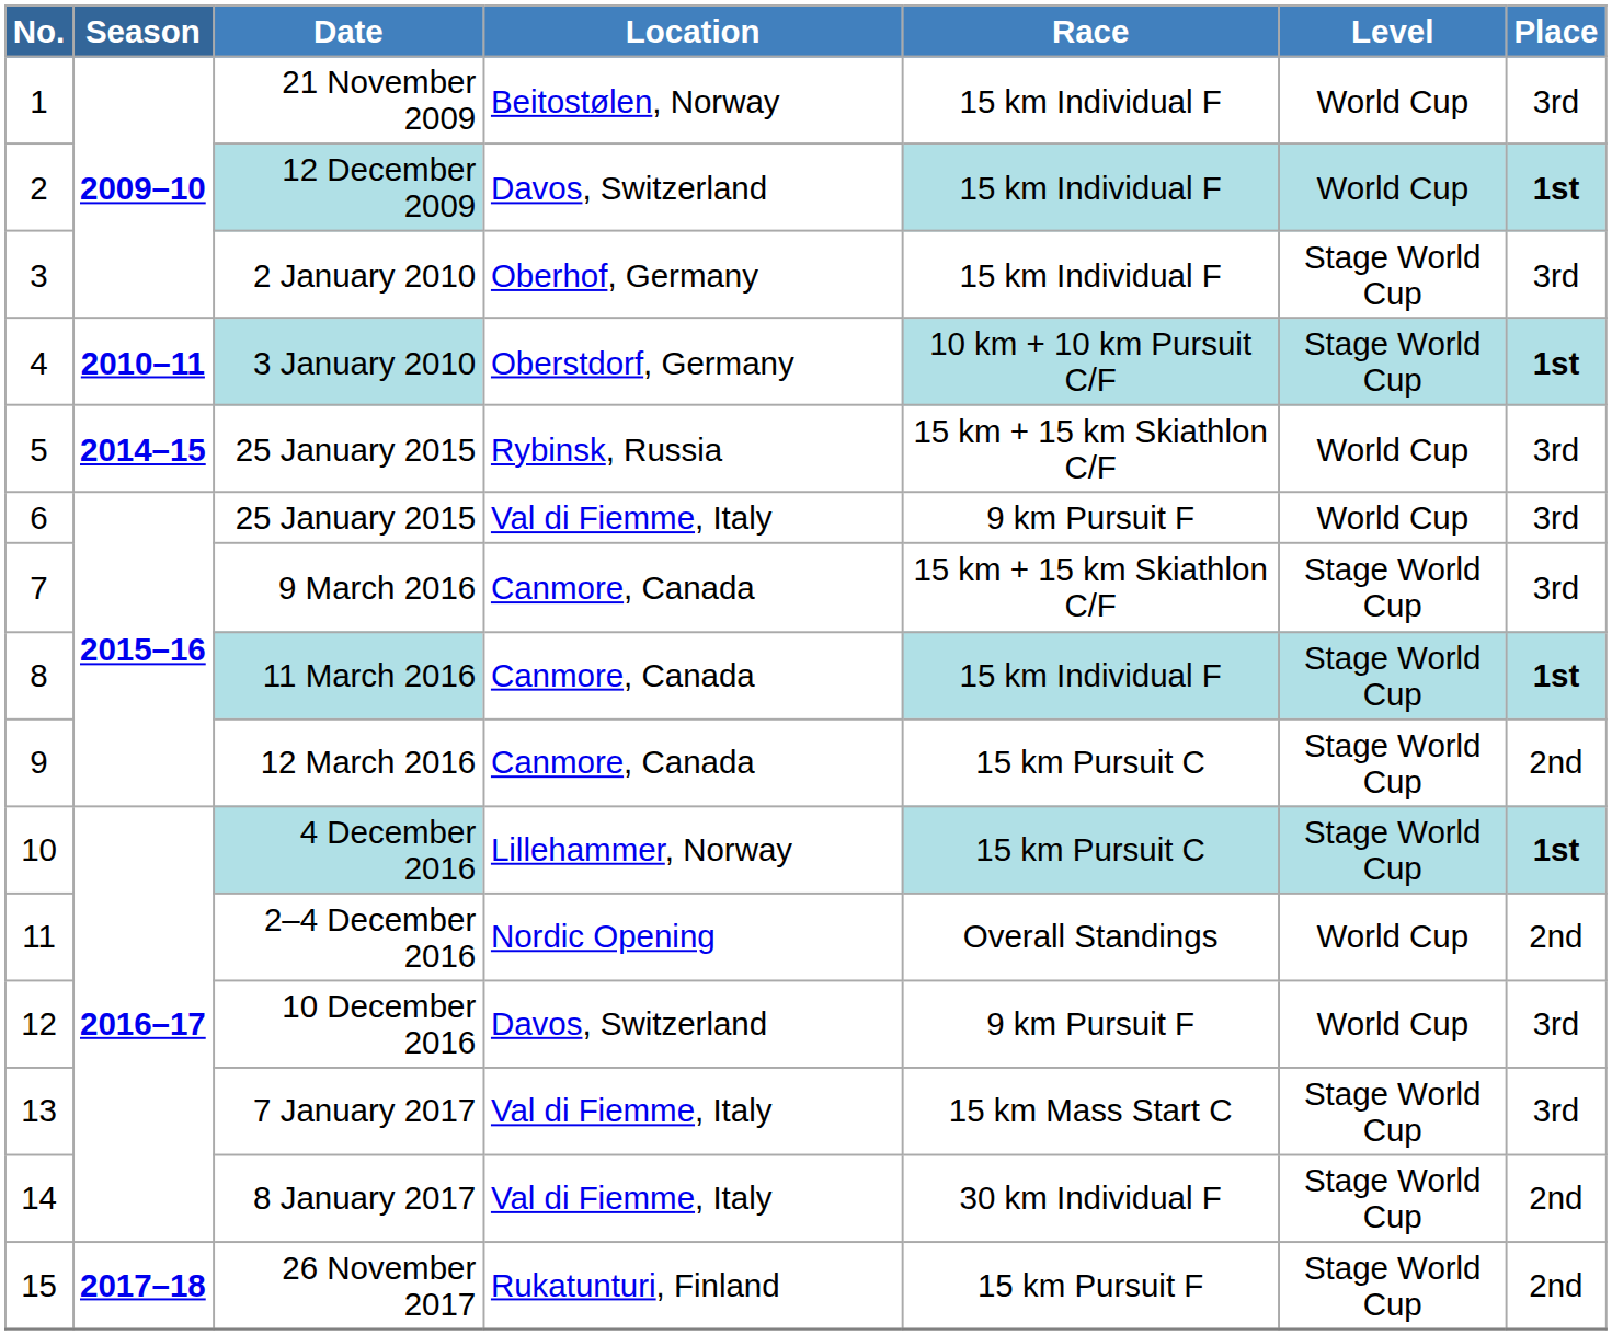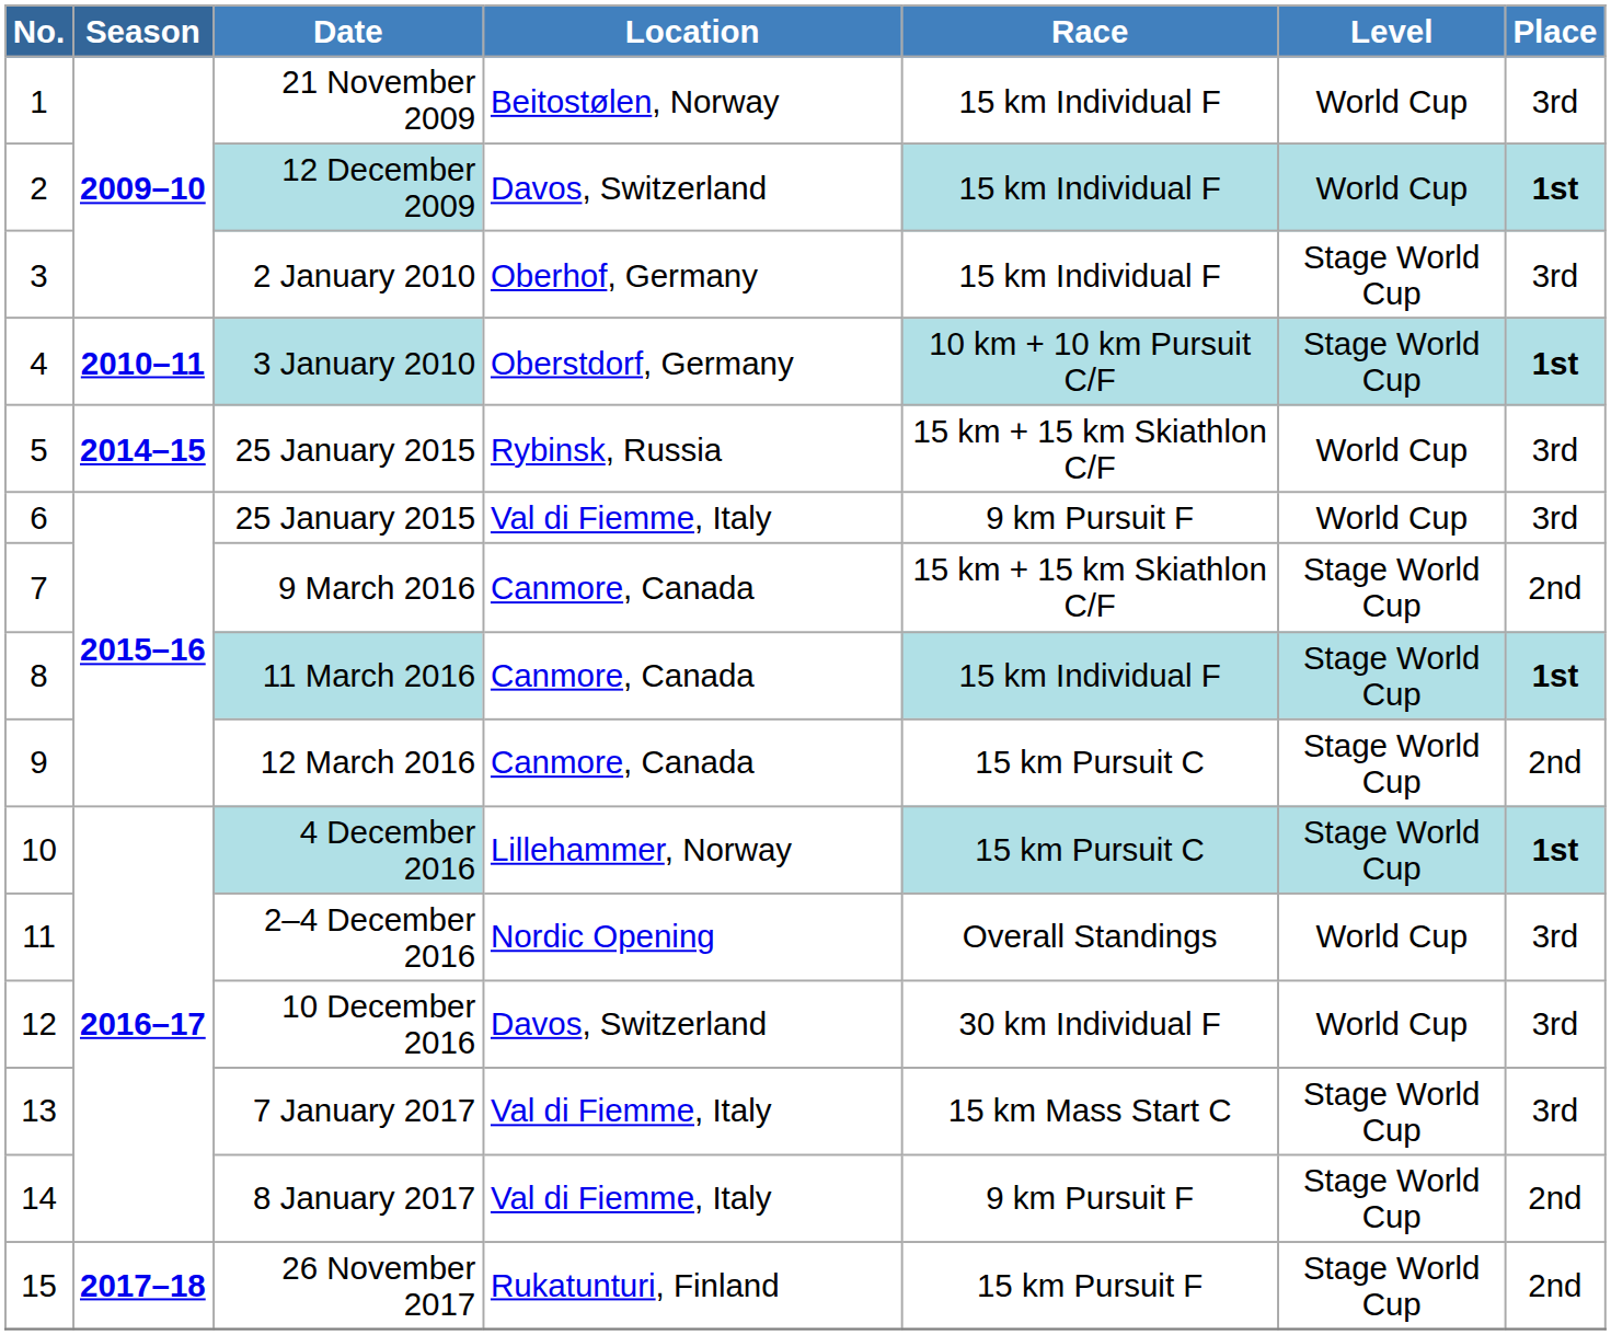 <table class="wikitable sortable" style="font-size:95%; text-align:center; border:grey solid 1px; border-collapse:collapse; background:#ffffff;">
 <tr style="background:#efefef;">
 <th style="background-color:#369; color:white;">No.</th>
 <th style="background-color:#369; color:white;">Season</th>
 <th style="background-color:#4180be; color:white; width:120px;">Date</th>
 <th style="background-color:#4180be; color:white; width:190px;">Location</th>
 <th style="background-color:#4180be; color:white; width:170px;">Race</th>
 <th style="background-color:#4180be; color:white; width:100px;">Level</th>
 <th style="background-color:#4180be; color:white;">Place</th>
 </tr>
 <tr>
 <td align=center>1</td>
 <td rowspan=3 align=center><strong><a href='#'>2009–10</a></strong></td>
 <td align=right>21 November 2009</td>
 <td align=left> <a href='#'>Beitostølen</a>, Norway</td>
 <td>15 km Individual F</td>
 <td>World Cup</td>
 <td>3rd</td>
 </tr>
 <tr>
 <td align=center>2</td>
 <td bgcolor="#BOEOE6" align=right>12 December 2009</td>
 <td align=left> <a href='#'>Davos</a>, Switzerland</td>
 <td bgcolor="#BOEOE6">15 km Individual F</td>
 <td bgcolor="#BOEOE6">World Cup</td>
 <td bgcolor="#BOEOE6"><strong>1st</strong></td>
 </tr>
 <tr>
 <td align=center>3</td>
 <td align=right>2 January 2010</td>
 <td align=left> <a href='#'>Oberhof</a>, Germany</td>
 <td>15 km Individual F</td>
 <td>Stage World Cup</td>
 <td>3rd</td>
 </tr>
 <tr>
 <td align=center>4</td>
 <td rowspan=1 align=center><strong><a href='#'>2010–11</a></strong></td>
 <td bgcolor="#BOEOE6" align=right>3 January 2010</td>
 <td align=left> <a href='#'>Oberstdorf</a>, Germany</td>
 <td bgcolor="#BOEOE6">10 km + 10 km Pursuit C/F</td>
 <td bgcolor="#BOEOE6">Stage World Cup</td>
 <td bgcolor="#BOEOE6"><strong>1st</strong></td>
 </tr>
 <tr>
 <td align=center>5</td>
 <td rowspan=1 align=center><strong><a href='#'>2014–15</a></strong></td>
 <td align=right>25 January 2015</td>
 <td align=left> <a href='#'>Rybinsk</a>, Russia</td>
 <td>15 km + 15 km Skiathlon C/F</td>
 <td>World Cup</td>
 <td>3rd</td>
 </tr>
 <tr>
 <td align=center>6</td>
 <td rowspan=4 align=center><strong><a href='#'>2015–16</a></strong></td>
 <td align=right>25 January 2015</td>
 <td align=left> <a href='#'>Val di Fiemme</a>, Italy</td>
 <td>9 km Pursuit F</td>
 <td>World Cup</td>
 <td>3rd</td>
 </tr>
 <tr>
 <td align=center>7</td>
 <td align=right>9 March 2016</td>
 <td align=left> <a href='#'>Canmore</a>, Canada</td>
 <td>15 km + 15 km Skiathlon C/F</td>
 <td>Stage World Cup</td>
-<td>3rd</td>
+<td>2nd</td>
 </tr>
 <tr>
 <td align=center>8</td>
 <td bgcolor="#BOEOE6" align=right>11 March 2016</td>
 <td align=left> <a href='#'>Canmore</a>, Canada</td>
 <td bgcolor="#BOEOE6">15 km Individual F</td>
 <td bgcolor="#BOEOE6">Stage World Cup</td>
 <td bgcolor="#BOEOE6"><strong>1st</strong></td>
 </tr>
 <tr>
 <td align=center>9</td>
 <td align=right>12 March 2016</td>
 <td align=left> <a href='#'>Canmore</a>, Canada</td>
 <td>15 km Pursuit C</td>
 <td>Stage World Cup</td>
 <td>2nd</td>
 </tr>
 <tr>
 <td align=center>10</td>
 <td rowspan=5 align=center><strong><a href='#'>2016–17</a></strong></td>
 <td bgcolor="#BOEOE6" align=right>4 December 2016</td>
 <td align=left> <a href='#'>Lillehammer</a>, Norway</td>
 <td bgcolor="#BOEOE6">15 km Pursuit C</td>
 <td bgcolor="#BOEOE6">Stage World Cup</td>
 <td bgcolor="#BOEOE6"><strong>1st</strong></td>
 </tr>
 <tr>
 <td align=center>11</td>
 <td align=right>2–4 December 2016</td>
 <td align=left> <a href='#'>Nordic Opening</a></td>
 <td>Overall Standings</td>
 <td>World Cup</td>
-<td>2nd</td>
+<td>3rd</td>
 </tr>
 <tr>
 <td align=center>12</td>
 <td align=right>10 December 2016</td>
 <td align=left> <a href='#'>Davos</a>, Switzerland</td>
-<td>9 km Pursuit F</td>
+<td>30 km Individual F</td>
 <td>World Cup</td>
 <td>3rd</td>
 </tr>
 <tr>
 <td align=center>13</td>
 <td align=right>7 January 2017</td>
 <td align=left> <a href='#'>Val di Fiemme</a>, Italy</td>
 <td>15 km Mass Start C</td>
 <td>Stage World Cup</td>
 <td>3rd</td>
 </tr>
 <tr>
 <td align=center>14</td>
 <td align=right>8 January 2017</td>
 <td align=left> <a href='#'>Val di Fiemme</a>, Italy</td>
-<td>30 km Individual F</td>
+<td>9 km Pursuit F</td>
 <td>Stage World Cup</td>
 <td>2nd</td>
 </tr>
 <tr>
 <td align=center>15</td>
 <td rowspan=1 align=center><strong><a href='#'>2017–18</a></strong></td>
 <td align=right>26 November 2017</td>
 <td align=left> <a href='#'>Rukatunturi</a>, Finland</td>
 <td>15 km Pursuit F</td>
 <td>Stage World Cup</td>
 <td>2nd</td>
 </tr>
 <tr>
 </tr>
 </table>
